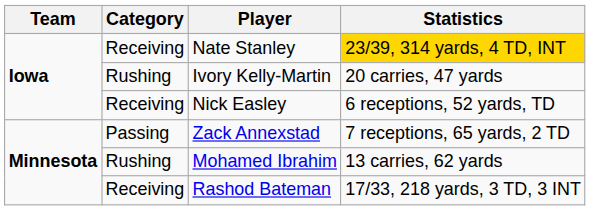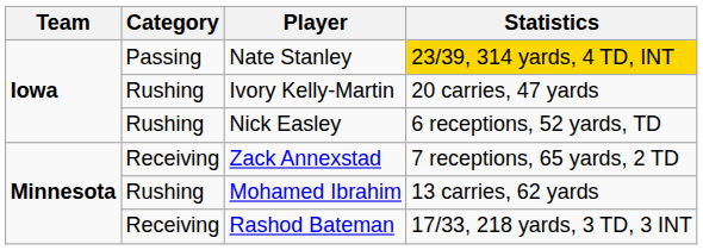 <table class="wikitable" style="float: left;">
 <tr>
 <th>Team</th>
 <th>Category</th>
 <th>Player</th>
 <th>Statistics</th>
 </tr>
 <tr>
 <td rowspan=3><strong>Iowa</strong></td>
-<td>Receiving</td>
+<td>Passing</td>
 <td>Nate Stanley</td>
 <td style="background: gold;">23/39, 314 yards, 4 TD, INT</td>
 </tr>
 <tr>
 <td>Rushing</td>
 <td>Ivory Kelly-Martin</td>
 <td>20 carries, 47 yards</td>
 </tr>
 <tr>
-<td>Receiving</td>
+<td>Rushing</td>
 <td>Nick Easley</td>
 <td>6 receptions, 52 yards, TD</td>
 </tr>
 <tr>
 <td rowspan=3><strong>Minnesota</strong></td>
-<td>Passing</td>
+<td>Receiving</td>
 <td><a href='#'>Zack Annexstad</a></td>
 <td>7 receptions, 65 yards, 2 TD</td>
 </tr>
 <tr>
 <td>Rushing</td>
 <td><a href='#'>Mohamed Ibrahim</a></td>
 <td>13 carries, 62 yards</td>
 </tr>
 <tr>
 <td>Receiving</td>
 <td><a href='#'>Rashod Bateman</a></td>
 <td>17/33, 218 yards, 3 TD, 3 INT</td>
 </tr>
 </table>
